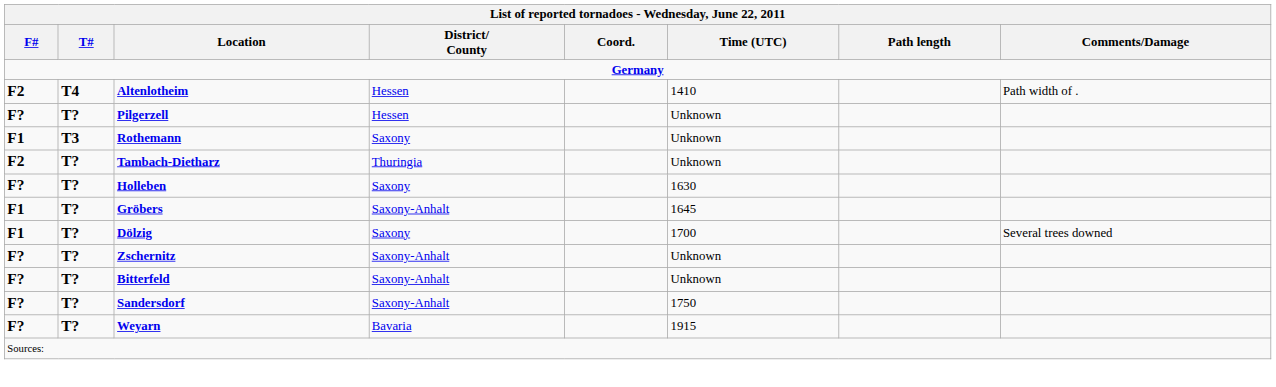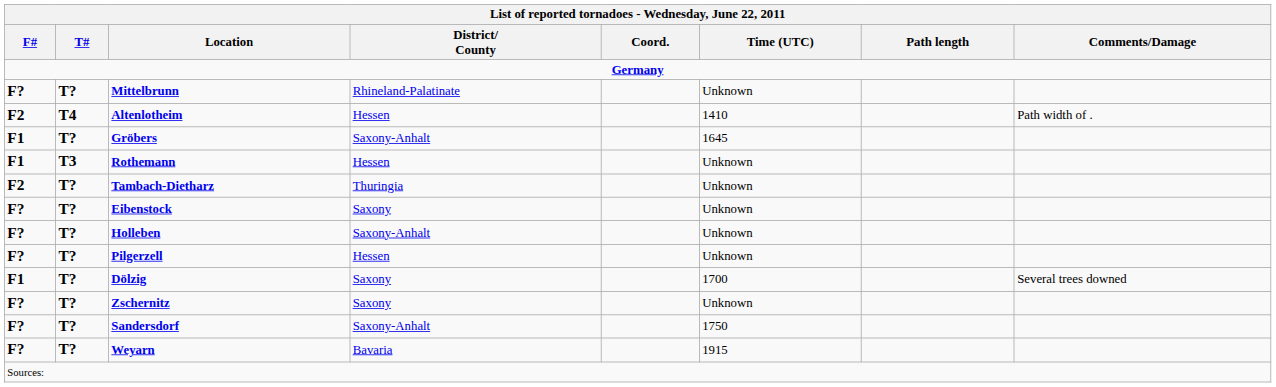 <table class="wikitable collapsible" width="100%">
 <tr>
 <th colspan="8">List of reported tornadoes - Wednesday, June 22, 2011</th>
 </tr>
 <tr>
 <th><a href='#'>F#</a></th>
 <th><a href='#'>T#</a></th>
 <th>Location</th>
 <th>District/<br>County</th>
 <th>Coord.</th>
 <th>Time (UTC)</th>
 <th>Path length</th>
 <th>Comments/Damage</th>
 </tr>
 <tr>
 <td colspan="8" align=center><strong><a href='#'>Germany</a></strong></td>
 </tr>
 <tr>
+<td><big><strong>F?</strong></big></td>
+<td><big><strong>T?</strong></big></td>
+<td><strong><a href='#'>Mittelbrunn</a></strong></td>
+<td><a href='#'>Rhineland-Palatinate</a></td>
+<td></td>
+<td>Unknown</td>
+<td></td>
+<td></td>
+</tr>
+<tr>
 <td><big><strong>F2</strong></big></td>
 <td><big><strong>T4</strong></big></td>
 <td><strong><a href='#'>Altenlotheim</a></strong></td>
 <td><a href='#'>Hessen</a></td>
 <td></td>
 <td>1410</td>
 <td></td>
 <td>Path width of .</td>
 </tr>
 <tr>
-<td><big><strong>F?</strong></big></td>
+<td><big><strong>F1</strong></big></td>
 <td><big><strong>T?</strong></big></td>
-<td><strong><a href='#'>Pilgerzell</a></strong></td>
-<td><a href='#'>Hessen</a></td>
+<td><strong><a href='#'>Gröbers</a></strong></td>
+<td><a href='#'>Saxony-Anhalt</a></td>
 <td></td>
-<td>Unknown</td>
+<td>1645</td>
 <td></td>
 <td></td>
 </tr>
 <tr>
 <td><big><strong>F1</strong></big></td>
 <td><big><strong>T3</strong></big></td>
 <td><strong><a href='#'>Rothemann</a></strong></td>
-<td><a href='#'>Saxony</a></td>
+<td><a href='#'>Hessen</a></td>
 <td></td>
 <td>Unknown</td>
 <td></td>
 <td></td>
 </tr>
 <tr>
 <td><big><strong>F2</strong></big></td>
 <td><big><strong>T?</strong></big></td>
 <td><strong><a href='#'>Tambach-Dietharz</a></strong></td>
 <td><a href='#'>Thuringia</a></td>
 <td></td>
 <td>Unknown</td>
 <td></td>
 <td></td>
 </tr>
 <tr>
 <td><big><strong>F?</strong></big></td>
 <td><big><strong>T?</strong></big></td>
-<td><strong><a href='#'>Holleben</a></strong></td>
+<td><strong><a href='#'>Eibenstock</a></strong></td>
 <td><a href='#'>Saxony</a></td>
 <td></td>
-<td>1630</td>
+<td>Unknown</td>
 <td></td>
 <td></td>
 </tr>
 <tr>
-<td><big><strong>F1</strong></big></td>
+<td><big><strong>F?</strong></big></td>
 <td><big><strong>T?</strong></big></td>
-<td><strong><a href='#'>Gröbers</a></strong></td>
+<td><strong><a href='#'>Holleben</a></strong></td>
 <td><a href='#'>Saxony-Anhalt</a></td>
 <td></td>
-<td>1645</td>
+<td>Unknown</td>
+<td></td>
+<td></td>
+</tr>
+<tr>
+<td><big><strong>F?</strong></big></td>
+<td><big><strong>T?</strong></big></td>
+<td><strong><a href='#'>Pilgerzell</a></strong></td>
+<td><a href='#'>Hessen</a></td>
+<td></td>
+<td>Unknown</td>
 <td></td>
 <td></td>
 </tr>
 <tr>
 <td><big><strong>F1</strong></big></td>
 <td><big><strong>T?</strong></big></td>
 <td><strong><a href='#'>Dölzig</a></strong></td>
 <td><a href='#'>Saxony</a></td>
 <td></td>
 <td>1700</td>
 <td></td>
 <td>Several trees downed</td>
 </tr>
 <tr>
 <td><big><strong>F?</strong></big></td>
 <td><big><strong>T?</strong></big></td>
 <td><strong><a href='#'>Zschernitz</a></strong></td>
-<td><a href='#'>Saxony-Anhalt</a></td>
-<td></td>
-<td>Unknown</td>
-<td></td>
-<td></td>
-</tr>
-<tr>
-<td><big><strong>F?</strong></big></td>
-<td><big><strong>T?</strong></big></td>
-<td><strong><a href='#'>Bitterfeld</a></strong></td>
-<td><a href='#'>Saxony-Anhalt</a></td>
+<td><a href='#'>Saxony</a></td>
 <td></td>
 <td>Unknown</td>
 <td></td>
 <td></td>
 </tr>
 <tr>
 <td><big><strong>F?</strong></big></td>
 <td><big><strong>T?</strong></big></td>
 <td><strong><a href='#'>Sandersdorf</a></strong></td>
 <td><a href='#'>Saxony-Anhalt</a></td>
 <td></td>
 <td>1750</td>
 <td></td>
 <td></td>
 </tr>
 <tr>
 <td><big><strong>F?</strong></big></td>
 <td><big><strong>T?</strong></big></td>
 <td><strong><a href='#'>Weyarn</a></strong></td>
 <td><a href='#'>Bavaria</a></td>
 <td></td>
 <td>1915</td>
 <td></td>
 <td></td>
 </tr>
 <tr>
 <td colspan="8"><small>Sources:  </small></td>
 </tr>
 </table>
